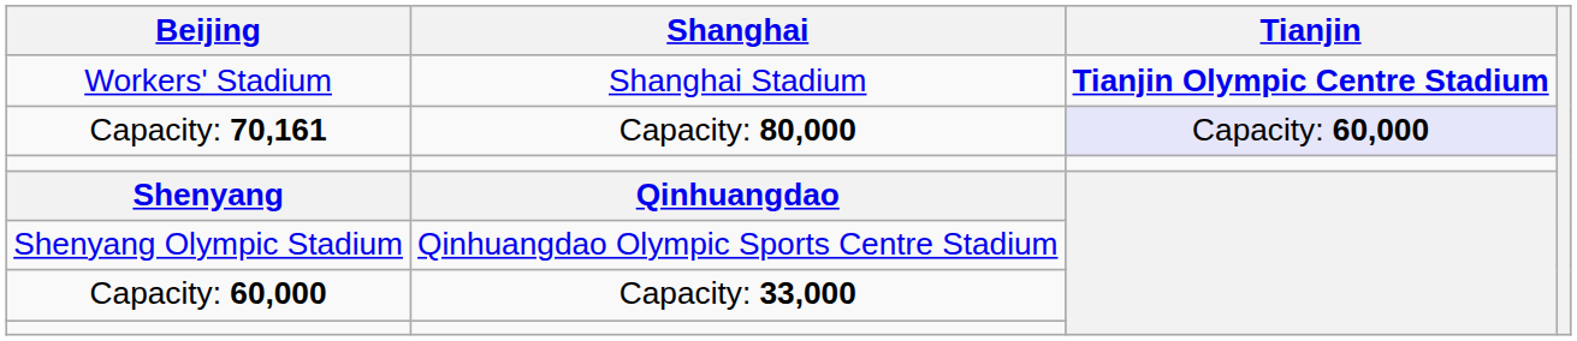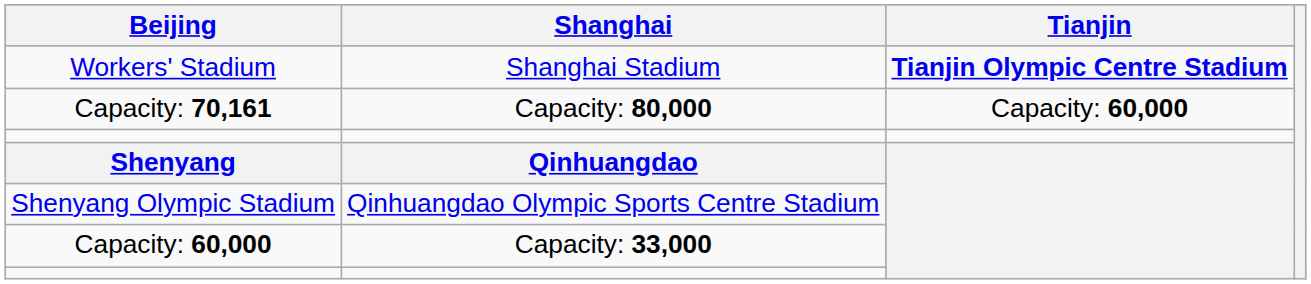 <table class="wikitable" style="text-align:center;margin-left:auto; margin-right:auto;">
 <tr>
 <th><a href='#'>Beijing</a></th>
 <th><a href='#'>Shanghai</a></th>
 <th><a href='#'>Tianjin</a></th>
 <th rowspan="8"></th>
 </tr>
 <tr>
 <td><a href='#'>Workers' Stadium</a></td>
 <td><a href='#'>Shanghai Stadium</a></td>
 <td><strong><a href='#'>Tianjin Olympic Centre Stadium</a></strong></td>
 </tr>
 <tr>
 <td>Capacity: <strong>70,161</strong></td>
 <td>Capacity: <strong>80,000</strong></td>
-<td style="background: lavender;">Capacity: <strong>60,000</strong></td>
+<td>Capacity: <strong>60,000</strong></td>
 </tr>
 <tr>
 <td></td>
 <td></td>
 <td></td>
 </tr>
 <tr>
 <th><a href='#'>Shenyang</a></th>
 <th><a href='#'>Qinhuangdao</a></th>
 <th rowspan="4"></th>
 </tr>
 <tr>
 <td><a href='#'>Shenyang Olympic Stadium</a></td>
 <td><a href='#'>Qinhuangdao Olympic Sports Centre Stadium</a></td>
 </tr>
 <tr>
 <td>Capacity: <strong>60,000</strong></td>
 <td>Capacity: <strong>33,000</strong></td>
 </tr>
 <tr>
 <td></td>
 <td></td>
 </tr>
 </table>
